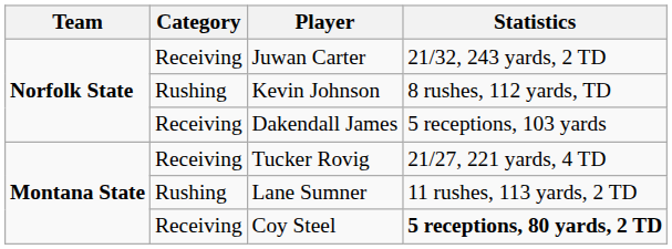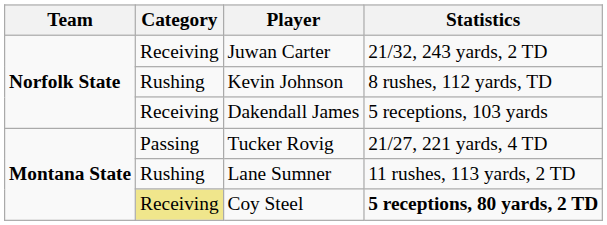 <table class="wikitable" style="float: left;">
 <tr>
 <th>Team</th>
 <th>Category</th>
 <th>Player</th>
 <th>Statistics</th>
 </tr>
 <tr>
 <td rowspan=3><strong>Norfolk State</strong></td>
 <td>Receiving</td>
 <td>Juwan Carter</td>
 <td>21/32, 243 yards, 2 TD</td>
 </tr>
 <tr>
 <td>Rushing</td>
 <td>Kevin Johnson</td>
 <td>8 rushes, 112 yards, TD</td>
 </tr>
 <tr>
 <td>Receiving</td>
 <td>Dakendall James</td>
 <td>5 receptions, 103 yards</td>
 </tr>
 <tr>
 <td rowspan=3><strong>Montana State</strong></td>
-<td>Receiving</td>
+<td>Passing</td>
 <td>Tucker Rovig</td>
 <td>21/27, 221 yards, 4 TD</td>
 </tr>
 <tr>
 <td>Rushing</td>
 <td>Lane Sumner</td>
 <td>11 rushes, 113 yards, 2 TD</td>
 </tr>
 <tr>
-<td>Receiving</td>
+<td style="background: khaki;">Receiving</td>
 <td>Coy Steel</td>
 <td><strong>5 receptions, 80 yards, 2 TD</strong></td>
 </tr>
 </table>
